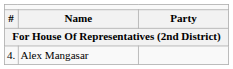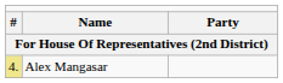 <table class=wikitable style="font-size:90%">
 <tr>
 <td colspan=5 bgcolor=></td>
 </tr>
 <tr>
 <th>#</th>
 <th width=150px>Name</th>
 <th colspan=2 width=110px>Party</th>
 </tr>
 <tr>
 <th colspan=5>For House Of Representatives (2nd District)</th>
 </tr>
 <tr>
-<td>4.</td>
+<td style="background: khaki;">4.</td>
 <td>Alex Mangasar</td>
 <td></td>
 </tr>
 </table>
